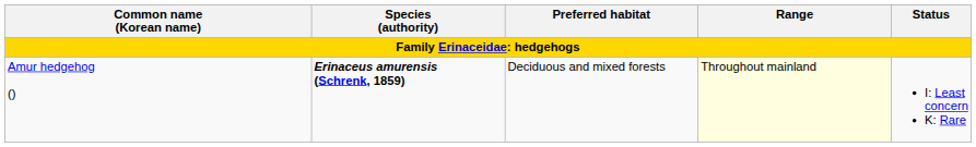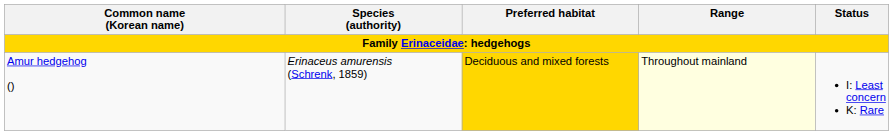 <table width=100% class="wikitable" style="text-align:left;">
 <tr valign="top">
 <th>Common name<br>(Korean name)</th>
 <th width="20%">Species<br>(authority)</th>
 <th width="20%">Preferred habitat</th>
 <th width="20%">Range</th>
 <th width="15em">Status</th>
 </tr>
 <tr>
 <td style="text-align:center;background:gold;" colspan=5><strong>Family <a href='#'>Erinaceidae</a>: hedgehogs</strong></td>
 </tr>
 <tr valign="top">
 <td><a href='#'>Amur hedgehog</a><br> <br>()</td>
-<td><strong><em>Erinaceus amurensis</em><br>(<a href='#'>Schrenk</a>, 1859)</strong></td>
-<td>Deciduous and mixed forests</td>
+<td><em>Erinaceus amurensis</em><br>(<a href='#'>Schrenk</a>, 1859)</td>
+<td style="background: gold;">Deciduous and mixed forests</td>
 <td style="background: lightyellow;">Throughout mainland</td>
 <td><br><ul><li>I: <a href='#'>Least concern</a></li><li>K: <a href='#'>Rare</a></li></ul></td>
 </tr>
 </table>
